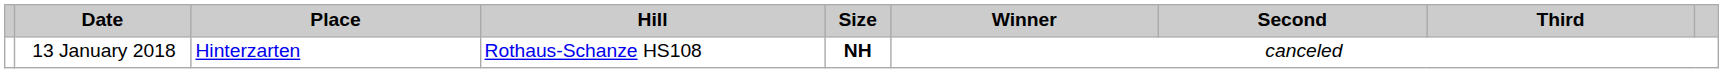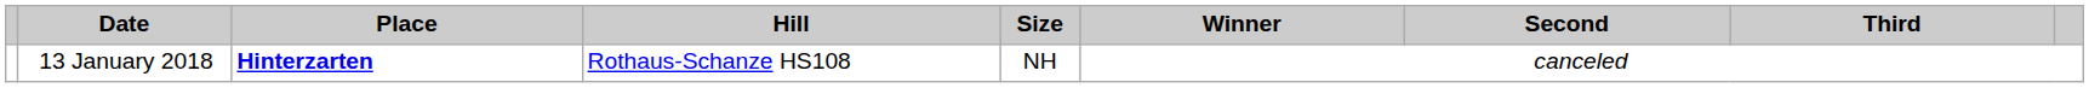 <table class="wikitable plainrowheaders" style="background:#fff; font-size:86%; line-height:16px; border:grey solid 1px; border-collapse:collapse;">
 <tr style="background:#ccc; text-align:center;">
 <th scope="col" style="background:#ccc; width=30 px;"></th>
 <th scope="col" style="background:#ccc; width:120px;">Date</th>
 <th scope="col" style="background:#ccc; width:200px;">Place</th>
 <th scope="col" style="background:#ccc; width:240px;">Hill</th>
 <th scope="col" style="background:#ccc; width:40px;">Size</th>
 <th scope="col" style="background:#ccc; width:185px;">Winner</th>
 <th scope="col" style="background:#ccc; width:185px;">Second</th>
 <th scope="col" style="background:#ccc; width:185px;">Third</th>
 <th scope="col" style="background:#ccc; width:10px;"></th>
 </tr>
 <tr>
 <td></td>
 <td align=right>13 January 2018  </td>
-<td> <a href='#'>Hinterzarten</a></td>
+<td><strong> <a href='#'>Hinterzarten</a></strong></td>
 <td><a href='#'>Rothaus-Schanze</a> HS108</td>
-<td align=center><strong>NH</strong></td>
+<td align=center>NH</td>
 <td colspan=4 align=center><em>canceled</em></td>
 </tr>
 </table>
